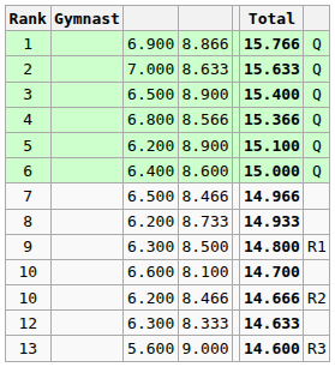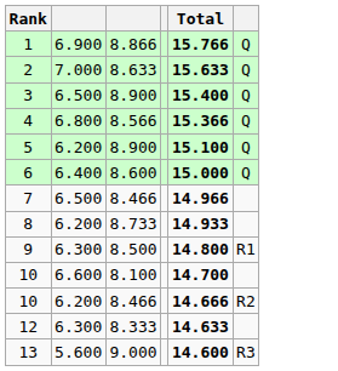 <table class="wikitable sortable" style="text-align:center">
 <tr>
 <th>Rank</th>
-<th>Gymnast</th>
 <th><small></small></th>
 <th><small></small></th>
 <th><small></small></th>
 <th>Total</th>
 <th><small></small></th>
 </tr>
 <tr bgcolor=ccffcc>
 <td>1</td>
-<td align=left></td>
 <td>6.900</td>
 <td>8.866</td>
 <td></td>
 <td><strong>15.766</strong></td>
 <td>Q</td>
 </tr>
 <tr bgcolor=ccffcc>
 <td>2</td>
-<td align=left></td>
 <td>7.000</td>
 <td>8.633</td>
 <td></td>
 <td><strong>15.633</strong></td>
 <td>Q</td>
 </tr>
 <tr bgcolor=ccffcc>
 <td>3</td>
-<td align=left></td>
 <td>6.500</td>
 <td>8.900</td>
 <td></td>
 <td><strong>15.400</strong></td>
 <td>Q</td>
 </tr>
 <tr bgcolor=ccffcc>
 <td>4</td>
-<td align=left></td>
 <td>6.800</td>
 <td>8.566</td>
 <td></td>
 <td><strong>15.366</strong></td>
 <td>Q</td>
 </tr>
 <tr bgcolor=ccffcc>
 <td>5</td>
-<td align=left></td>
 <td>6.200</td>
 <td>8.900</td>
 <td></td>
 <td><strong>15.100</strong></td>
 <td>Q</td>
 </tr>
 <tr bgcolor=ccffcc>
 <td>6</td>
-<td align=left></td>
 <td>6.400</td>
 <td>8.600</td>
 <td></td>
 <td><strong>15.000</strong></td>
 <td>Q</td>
 </tr>
 <tr>
 <td>7</td>
-<td align=left></td>
 <td>6.500</td>
 <td>8.466</td>
 <td></td>
 <td><strong>14.966</strong></td>
 <td></td>
 </tr>
 <tr>
 <td>8</td>
-<td align=left></td>
 <td>6.200</td>
 <td>8.733</td>
 <td></td>
 <td><strong>14.933</strong></td>
 <td></td>
 </tr>
 <tr>
 <td>9</td>
-<td align=left></td>
 <td>6.300</td>
 <td>8.500</td>
 <td></td>
 <td><strong>14.800</strong></td>
 <td>R1</td>
 </tr>
 <tr>
 <td>10</td>
-<td align=left></td>
 <td>6.600</td>
 <td>8.100</td>
 <td></td>
 <td><strong>14.700</strong></td>
 <td></td>
 </tr>
 <tr>
 <td>10</td>
-<td align=left></td>
 <td>6.200</td>
 <td>8.466</td>
 <td></td>
 <td><strong>14.666</strong></td>
 <td>R2</td>
 </tr>
 <tr>
 <td>12</td>
-<td align=left></td>
 <td>6.300</td>
 <td>8.333</td>
 <td></td>
 <td><strong>14.633</strong></td>
 <td></td>
 </tr>
 <tr>
 <td>13</td>
-<td align=left></td>
 <td>5.600</td>
 <td>9.000</td>
 <td></td>
 <td><strong>14.600</strong></td>
 <td>R3</td>
 </tr>
 </table>
